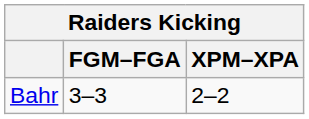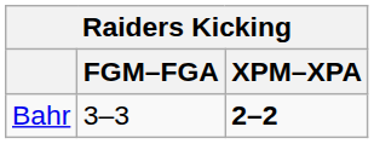 <table class="wikitable">
 <tr>
 <th colspan="3">Raiders Kicking</th>
 </tr>
 <tr>
 <th></th>
 <th>FGM–FGA</th>
 <th>XPM–XPA</th>
 </tr>
 <tr>
 <td><a href='#'>Bahr</a></td>
 <td>3–3</td>
-<td>2–2</td>
+<td><strong>2–2</strong></td>
 </tr>
 </table>
